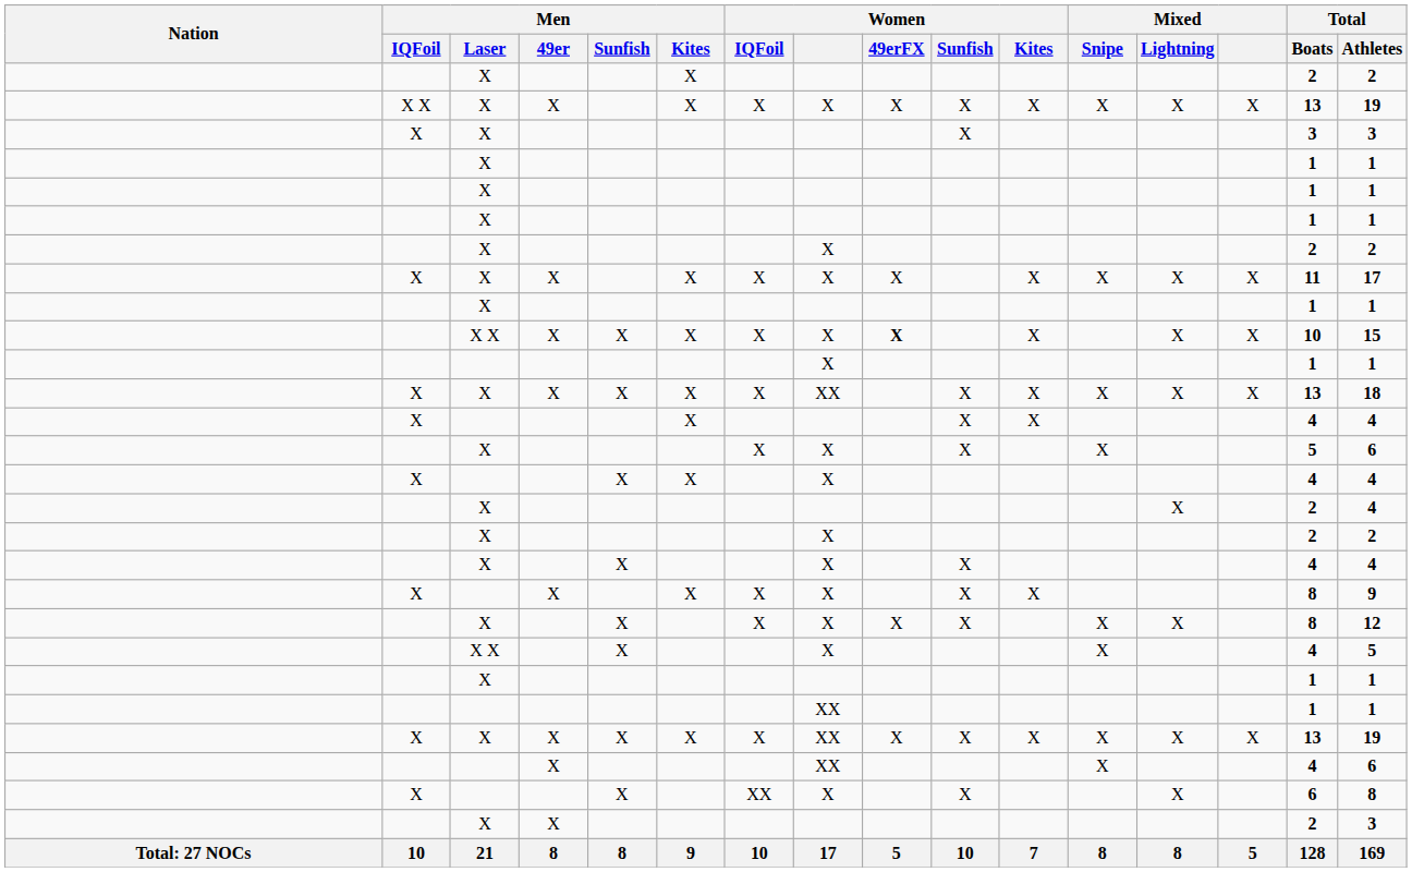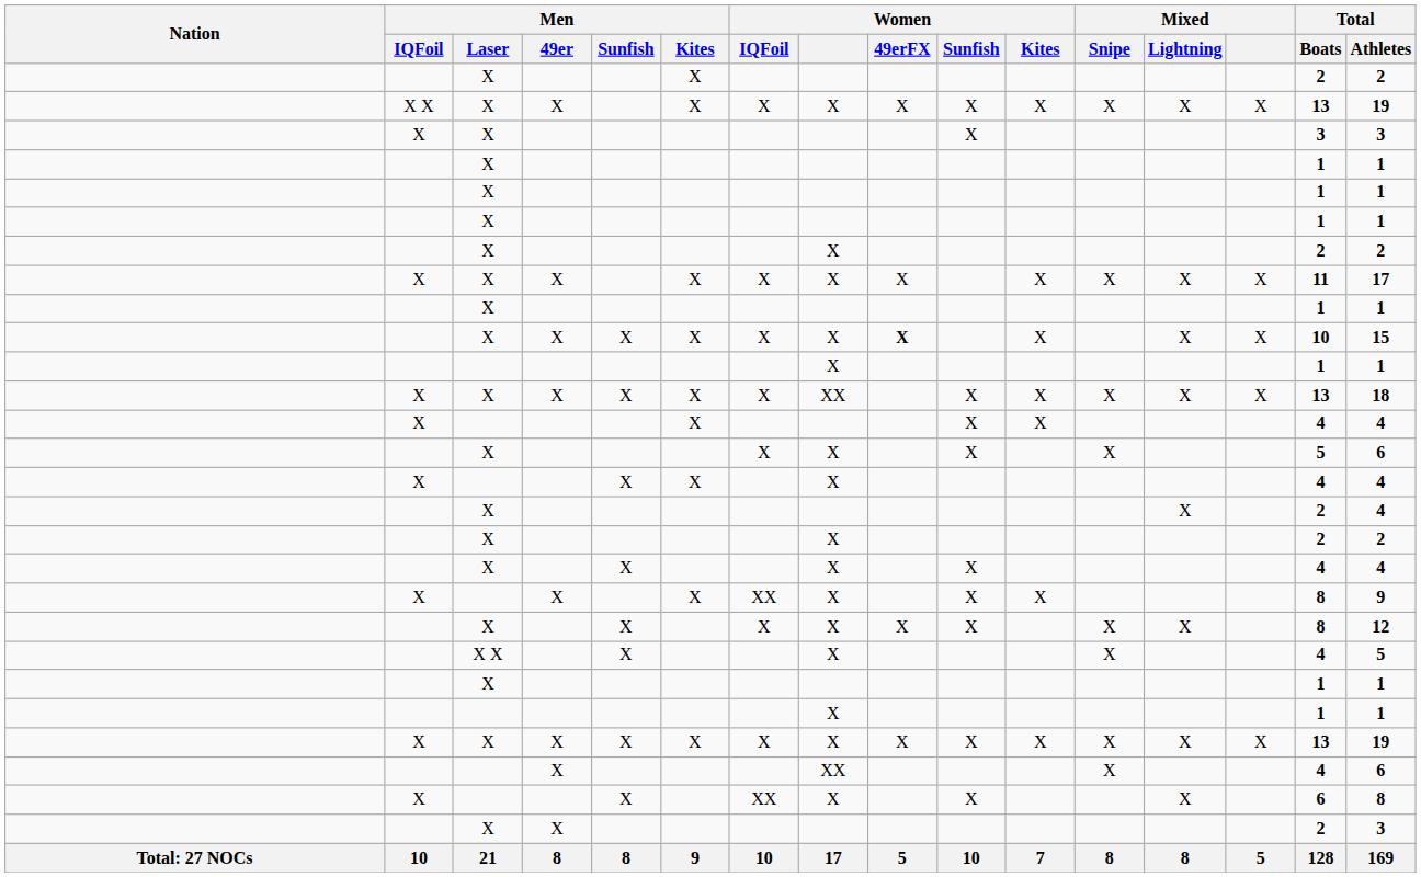 <table class=wikitable width=1160 style="text-align:center; font-size:90%">
 <tr>
 <th rowspan="2" align="left">Nation</th>
 <th colspan="5">Men</th>
 <th colspan="5">Women</th>
 <th colspan=3>Mixed</th>
 <th colspan=2>Total</th>
 </tr>
 <tr>
 <th width=50><a href='#'>IQFoil</a></th>
 <th width=50><a href='#'>Laser</a></th>
 <th width=50><a href='#'>49er</a></th>
 <th width=50><a href='#'>Sunfish</a></th>
 <th width=50><a href='#'>Kites</a></th>
 <th width=50><a href='#'>IQFoil</a></th>
 <th width=50></th>
 <th width=50><a href='#'>49erFX</a></th>
 <th width=50><a href='#'>Sunfish</a></th>
 <th width=50><a href='#'>Kites</a></th>
 <th width=50><a href='#'>Snipe</a></th>
 <th width=50><a href='#'>Lightning</a></th>
 <th width=50></th>
 <th width=35>Boats</th>
 <th width=49>Athletes</th>
 </tr>
 <tr>
 <td align=left></td>
 <td></td>
 <td>X</td>
 <td></td>
 <td></td>
 <td>X</td>
 <td></td>
 <td></td>
 <td></td>
 <td></td>
 <td></td>
 <td></td>
 <td></td>
 <td></td>
 <td><strong>2</strong></td>
 <td><strong>2</strong></td>
 </tr>
 <tr>
 <td align=left></td>
 <td>X X</td>
 <td>X</td>
 <td>X</td>
 <td></td>
 <td>X</td>
 <td>X</td>
 <td>X</td>
 <td>X</td>
 <td>X</td>
 <td>X</td>
 <td>X</td>
 <td>X</td>
 <td>X</td>
 <td><strong>13</strong></td>
 <td><strong>19</strong></td>
 </tr>
 <tr>
 <td align=left></td>
 <td>X</td>
 <td>X</td>
 <td></td>
 <td></td>
 <td></td>
 <td></td>
 <td></td>
 <td></td>
 <td>X</td>
 <td></td>
 <td></td>
 <td></td>
 <td></td>
 <td><strong>3</strong></td>
 <td><strong>3</strong></td>
 </tr>
 <tr>
 <td align=left></td>
 <td></td>
 <td>X</td>
 <td></td>
 <td></td>
 <td></td>
 <td></td>
 <td></td>
 <td></td>
 <td></td>
 <td></td>
 <td></td>
 <td></td>
 <td></td>
 <td><strong>1</strong></td>
 <td><strong>1</strong></td>
 </tr>
 <tr>
 <td align=left></td>
 <td></td>
 <td>X</td>
 <td></td>
 <td></td>
 <td></td>
 <td></td>
 <td></td>
 <td></td>
 <td></td>
 <td></td>
 <td></td>
 <td></td>
 <td></td>
 <td><strong>1</strong></td>
 <td><strong>1</strong></td>
 </tr>
 <tr>
 <td align=left></td>
 <td></td>
 <td>X</td>
 <td></td>
 <td></td>
 <td></td>
 <td></td>
 <td></td>
 <td></td>
 <td></td>
 <td></td>
 <td></td>
 <td></td>
 <td></td>
 <td><strong>1</strong></td>
 <td><strong>1</strong></td>
 </tr>
 <tr>
 <td align=left></td>
 <td></td>
 <td>X</td>
 <td></td>
 <td></td>
 <td></td>
 <td></td>
 <td>X</td>
 <td></td>
 <td></td>
 <td></td>
 <td></td>
 <td></td>
 <td></td>
 <td><strong>2</strong></td>
 <td><strong>2</strong></td>
 </tr>
 <tr>
 <td align=left></td>
 <td>X</td>
 <td>X</td>
 <td>X</td>
 <td></td>
 <td>X</td>
 <td>X</td>
 <td>X</td>
 <td>X</td>
 <td></td>
 <td>X</td>
 <td>X</td>
 <td>X</td>
 <td>X</td>
 <td><strong>11</strong></td>
 <td><strong>17</strong></td>
 </tr>
 <tr>
 <td align=left></td>
 <td></td>
 <td>X</td>
 <td></td>
 <td></td>
 <td></td>
 <td></td>
 <td></td>
 <td></td>
 <td></td>
 <td></td>
 <td></td>
 <td></td>
 <td></td>
 <td><strong>1</strong></td>
 <td><strong>1</strong></td>
 </tr>
 <tr>
 <td align=left></td>
 <td></td>
-<td>X X</td>
+<td>X</td>
 <td>X</td>
 <td>X</td>
 <td>X</td>
 <td>X</td>
 <td>X</td>
 <td><strong>X</strong></td>
 <td></td>
 <td>X</td>
 <td></td>
 <td>X</td>
 <td>X</td>
 <td><strong>10</strong></td>
 <td><strong>15</strong></td>
 </tr>
 <tr>
 <td align=left></td>
 <td></td>
 <td></td>
 <td></td>
 <td></td>
 <td></td>
 <td></td>
 <td>X</td>
 <td></td>
 <td></td>
 <td></td>
 <td></td>
 <td></td>
 <td></td>
 <td><strong>1</strong></td>
 <td><strong>1</strong></td>
 </tr>
 <tr>
 <td align=left></td>
 <td>X</td>
 <td>X</td>
 <td>X</td>
 <td>X</td>
 <td>X</td>
 <td>X</td>
 <td>XX</td>
 <td></td>
 <td>X</td>
 <td>X</td>
 <td>X</td>
 <td>X</td>
 <td>X</td>
 <td><strong>13</strong></td>
 <td><strong>18</strong></td>
 </tr>
 <tr>
 <td align=left></td>
 <td>X</td>
 <td></td>
 <td></td>
 <td></td>
 <td>X</td>
 <td></td>
 <td></td>
 <td></td>
 <td>X</td>
 <td>X</td>
 <td></td>
 <td></td>
 <td></td>
 <td><strong>4</strong></td>
 <td><strong>4</strong></td>
 </tr>
 <tr>
 <td align=left></td>
 <td></td>
 <td>X</td>
 <td></td>
 <td></td>
 <td></td>
 <td>X</td>
 <td>X</td>
 <td></td>
 <td>X</td>
 <td></td>
 <td>X</td>
 <td></td>
 <td></td>
 <td><strong>5</strong></td>
 <td><strong>6</strong></td>
 </tr>
 <tr>
 <td align=left></td>
 <td>X</td>
 <td></td>
 <td></td>
 <td>X</td>
 <td>X</td>
 <td></td>
 <td>X</td>
 <td></td>
 <td></td>
 <td></td>
 <td></td>
 <td></td>
 <td></td>
 <td><strong>4</strong></td>
 <td><strong>4</strong></td>
 </tr>
 <tr>
 <td align=left></td>
 <td></td>
 <td>X</td>
 <td></td>
 <td></td>
 <td></td>
 <td></td>
 <td></td>
 <td></td>
 <td></td>
 <td></td>
 <td></td>
 <td>X</td>
 <td></td>
 <td><strong>2</strong></td>
 <td><strong>4</strong></td>
 </tr>
 <tr>
 <td align=left></td>
 <td></td>
 <td>X</td>
 <td></td>
 <td></td>
 <td></td>
 <td></td>
 <td>X</td>
 <td></td>
 <td></td>
 <td></td>
 <td></td>
 <td></td>
 <td></td>
 <td><strong>2</strong></td>
 <td><strong>2</strong></td>
 </tr>
 <tr>
 <td align=left></td>
 <td></td>
 <td>X</td>
 <td></td>
 <td>X</td>
 <td></td>
 <td></td>
 <td>X</td>
 <td></td>
 <td>X</td>
 <td></td>
 <td></td>
 <td></td>
 <td></td>
 <td><strong>4</strong></td>
 <td><strong>4</strong></td>
 </tr>
 <tr>
 <td align=left></td>
 <td>X</td>
 <td></td>
 <td>X</td>
 <td></td>
 <td>X</td>
-<td>X</td>
+<td>XX</td>
 <td>X</td>
 <td></td>
 <td>X</td>
 <td>X</td>
 <td></td>
 <td></td>
 <td></td>
 <td><strong>8</strong></td>
 <td><strong>9</strong></td>
 </tr>
 <tr>
 <td align=left></td>
 <td></td>
 <td>X</td>
 <td></td>
 <td>X</td>
 <td></td>
 <td>X</td>
 <td>X</td>
 <td>X</td>
 <td>X</td>
 <td></td>
 <td>X</td>
 <td>X</td>
 <td></td>
 <td><strong>8</strong></td>
 <td><strong>12</strong></td>
 </tr>
 <tr>
 <td align=left></td>
 <td></td>
 <td>X X</td>
 <td></td>
 <td>X</td>
 <td></td>
 <td></td>
 <td>X</td>
 <td></td>
 <td></td>
 <td></td>
 <td>X</td>
 <td></td>
 <td></td>
 <td><strong>4</strong></td>
 <td><strong>5</strong></td>
 </tr>
 <tr>
 <td align=left></td>
 <td></td>
 <td>X</td>
 <td></td>
 <td></td>
 <td></td>
 <td></td>
 <td></td>
 <td></td>
 <td></td>
 <td></td>
 <td></td>
 <td></td>
 <td></td>
 <td><strong>1</strong></td>
 <td><strong>1</strong></td>
 </tr>
 <tr>
 <td align=left></td>
 <td></td>
 <td></td>
 <td></td>
 <td></td>
 <td></td>
 <td></td>
-<td>XX</td>
+<td>X</td>
 <td></td>
 <td></td>
 <td></td>
 <td></td>
 <td></td>
 <td></td>
 <td><strong>1</strong></td>
 <td><strong>1</strong></td>
 </tr>
 <tr>
 <td align=left></td>
 <td>X</td>
 <td>X</td>
 <td>X</td>
 <td>X</td>
 <td>X</td>
 <td>X</td>
-<td>XX</td>
+<td>X</td>
 <td>X</td>
 <td>X</td>
 <td>X</td>
 <td>X</td>
 <td>X</td>
 <td>X</td>
 <td><strong>13</strong></td>
 <td><strong>19</strong></td>
 </tr>
 <tr>
 <td align=left></td>
 <td></td>
 <td></td>
 <td>X</td>
 <td></td>
 <td></td>
 <td></td>
 <td>XX</td>
 <td></td>
 <td></td>
 <td></td>
 <td>X</td>
 <td></td>
 <td></td>
 <td><strong>4</strong></td>
 <td><strong>6</strong></td>
 </tr>
 <tr>
 <td align=left></td>
 <td>X</td>
 <td></td>
 <td></td>
 <td>X</td>
 <td></td>
 <td>XX</td>
 <td>X</td>
 <td></td>
 <td>X</td>
 <td></td>
 <td></td>
 <td>X</td>
 <td></td>
 <td><strong>6</strong></td>
 <td><strong>8</strong></td>
 </tr>
 <tr>
 <td align=left></td>
 <td></td>
 <td>X</td>
 <td>X</td>
 <td></td>
 <td></td>
 <td></td>
 <td></td>
 <td></td>
 <td></td>
 <td></td>
 <td></td>
 <td></td>
 <td></td>
 <td><strong>2</strong></td>
 <td><strong>3</strong></td>
 </tr>
 <tr>
 <th>Total: 27 NOCs</th>
 <th>10</th>
 <th>21</th>
 <th>8</th>
 <th>8</th>
 <th>9</th>
 <th>10</th>
 <th>17</th>
 <th>5</th>
 <th>10</th>
 <th>7</th>
 <th>8</th>
 <th>8</th>
 <th>5</th>
 <th>128</th>
 <th>169</th>
 </tr>
 </table>
